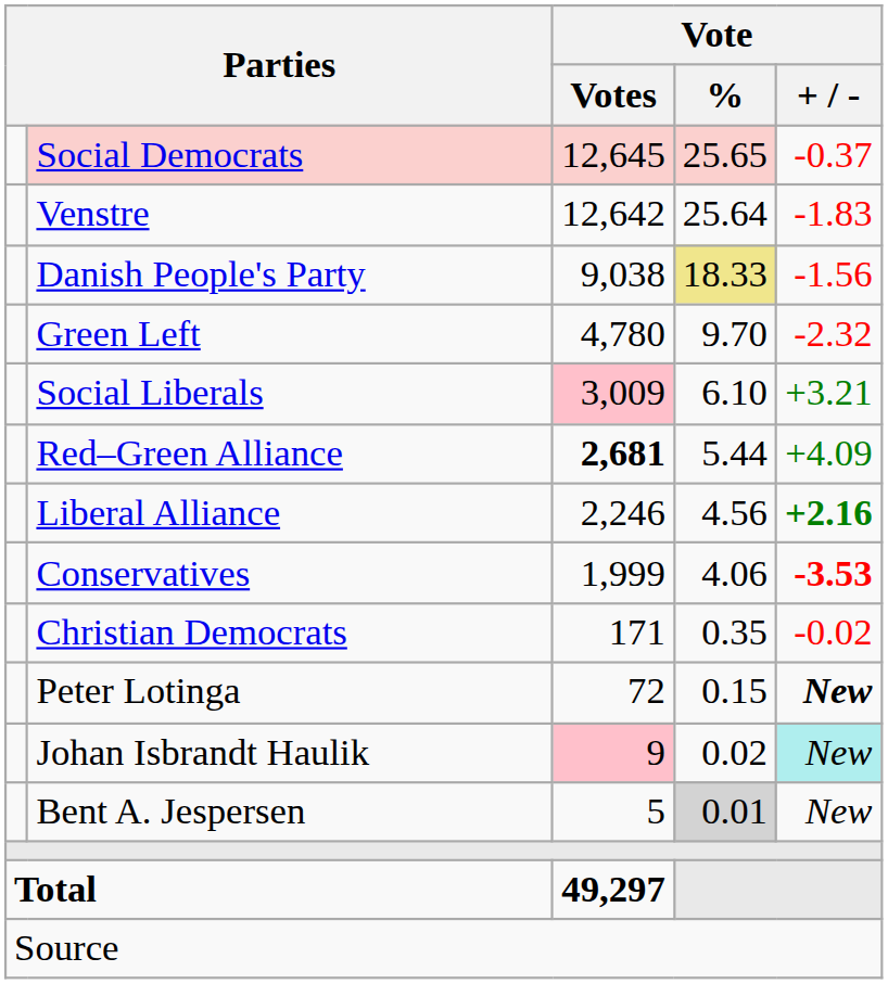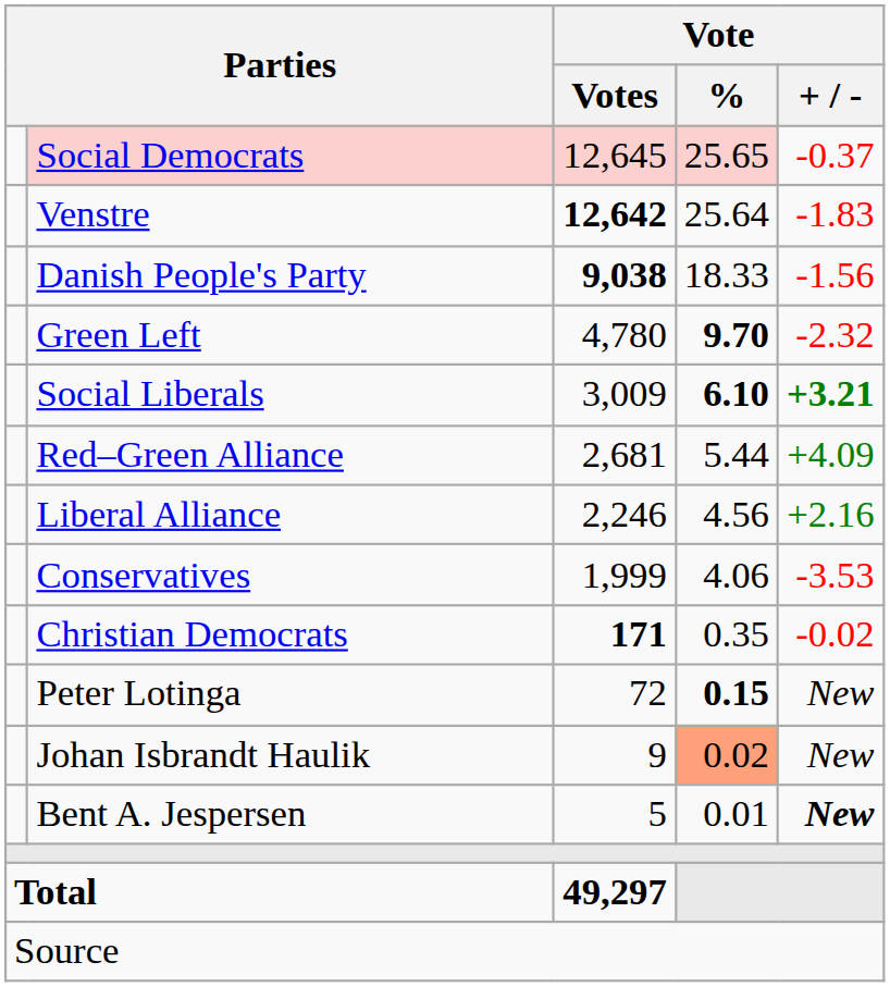 <table class="wikitable" style="text-align:right;">
 <tr>
 <th style="text-align:centre;" rowspan="2" colspan="2" width="225">Parties</th>
 <th colspan="3">Vote</th>
 </tr>
 <tr>
 <th width="15">Votes</th>
 <th width="15">%</th>
 <th width="15">+ / -</th>
 </tr>
 <tr>
 <td width="2" style="color:inherit;background:"></td>
 <td bgcolor=#fbd0ce  align="left"><a href='#'>Social Democrats</a></td>
 <td bgcolor=#fbd0ce>12,645</td>
 <td bgcolor=#fbd0ce>25.65</td>
 <td style=color:red;>-0.37</td>
 </tr>
 <tr>
 <td width="2" style="color:inherit;background:"></td>
 <td align="left"><a href='#'>Venstre</a></td>
-<td>12,642</td>
+<td><strong>12,642</strong></td>
 <td>25.64</td>
 <td style=color:red;>-1.83</td>
 </tr>
 <tr>
 <td width="2" style="color:inherit;background:"></td>
 <td align="left"><a href='#'>Danish People's Party</a></td>
-<td>9,038</td>
-<td style="background: khaki;">18.33</td>
+<td><strong>9,038</strong></td>
+<td>18.33</td>
 <td style=color:red;>-1.56</td>
 </tr>
 <tr>
 <td width="2" style="color:inherit;background:"></td>
 <td align="left"><a href='#'>Green Left</a></td>
 <td>4,780</td>
-<td>9.70</td>
+<td><strong>9.70</strong></td>
 <td style=color:red;>-2.32</td>
 </tr>
 <tr>
 <td width="2" style="color:inherit;background:"></td>
 <td align="left"><a href='#'>Social Liberals</a></td>
-<td style="background: pink;">3,009</td>
-<td>6.10</td>
-<td style=color:green;>+3.21</td>
+<td>3,009</td>
+<td><strong>6.10</strong></td>
+<td style=color:green;><strong>+3.21</strong></td>
 </tr>
 <tr>
 <td width="2" style="color:inherit;background:"></td>
 <td align="left"><a href='#'>Red–Green Alliance</a></td>
-<td><strong>2,681</strong></td>
+<td>2,681</td>
 <td>5.44</td>
 <td style=color:green;>+4.09</td>
 </tr>
 <tr>
 <td width="2" style="color:inherit;background:"></td>
 <td align="left"><a href='#'>Liberal Alliance</a></td>
 <td>2,246</td>
 <td>4.56</td>
-<td style=color:green;><strong>+2.16</strong></td>
+<td style=color:green;>+2.16</td>
 </tr>
 <tr>
 <td width="2" style="color:inherit;background:"></td>
 <td align="left"><a href='#'>Conservatives</a></td>
 <td>1,999</td>
 <td>4.06</td>
-<td style=color:red;><strong>-3.53</strong></td>
+<td style=color:red;>-3.53</td>
 </tr>
 <tr>
 <td width="2" style="color:inherit;background:"></td>
 <td align="left"><a href='#'>Christian Democrats</a></td>
-<td>171</td>
+<td><strong>171</strong></td>
 <td>0.35</td>
 <td style=color:red;>-0.02</td>
 </tr>
 <tr>
 <td width="2" style="color:inherit;background:"></td>
 <td align="left">Peter Lotinga</td>
 <td>72</td>
-<td>0.15</td>
-<td><strong><em>New</em></strong></td>
+<td><strong>0.15</strong></td>
+<td><em>New</em></td>
 </tr>
 <tr>
 <td width="2" style="color:inherit;background:"></td>
 <td align="left">Johan Isbrandt Haulik</td>
-<td style="background: pink;">9</td>
-<td>0.02</td>
-<td style="background: paleturquoise;"><em>New</em></td>
+<td>9</td>
+<td style="background: lightsalmon;">0.02</td>
+<td><em>New</em></td>
 </tr>
 <tr>
 <td width="2" style="color:inherit;background:"></td>
 <td align="left">Bent A. Jespersen</td>
 <td>5</td>
-<td style="background: lightgrey;">0.01</td>
-<td><em>New</em></td>
+<td>0.01</td>
+<td><strong><em>New</em></strong></td>
 </tr>
 <tr>
 <td colspan="7" bgcolor="#E9E9E9"></td>
 </tr>
 <tr>
 <td align="left" colspan="2"><strong>Total</strong></td>
 <td><strong>49,297</strong></td>
 <td bgcolor="#E9E9E9" colspan="2"></td>
 </tr>
 <tr>
 <td align="left" colspan="6">Source</td>
 </tr>
 </table>
